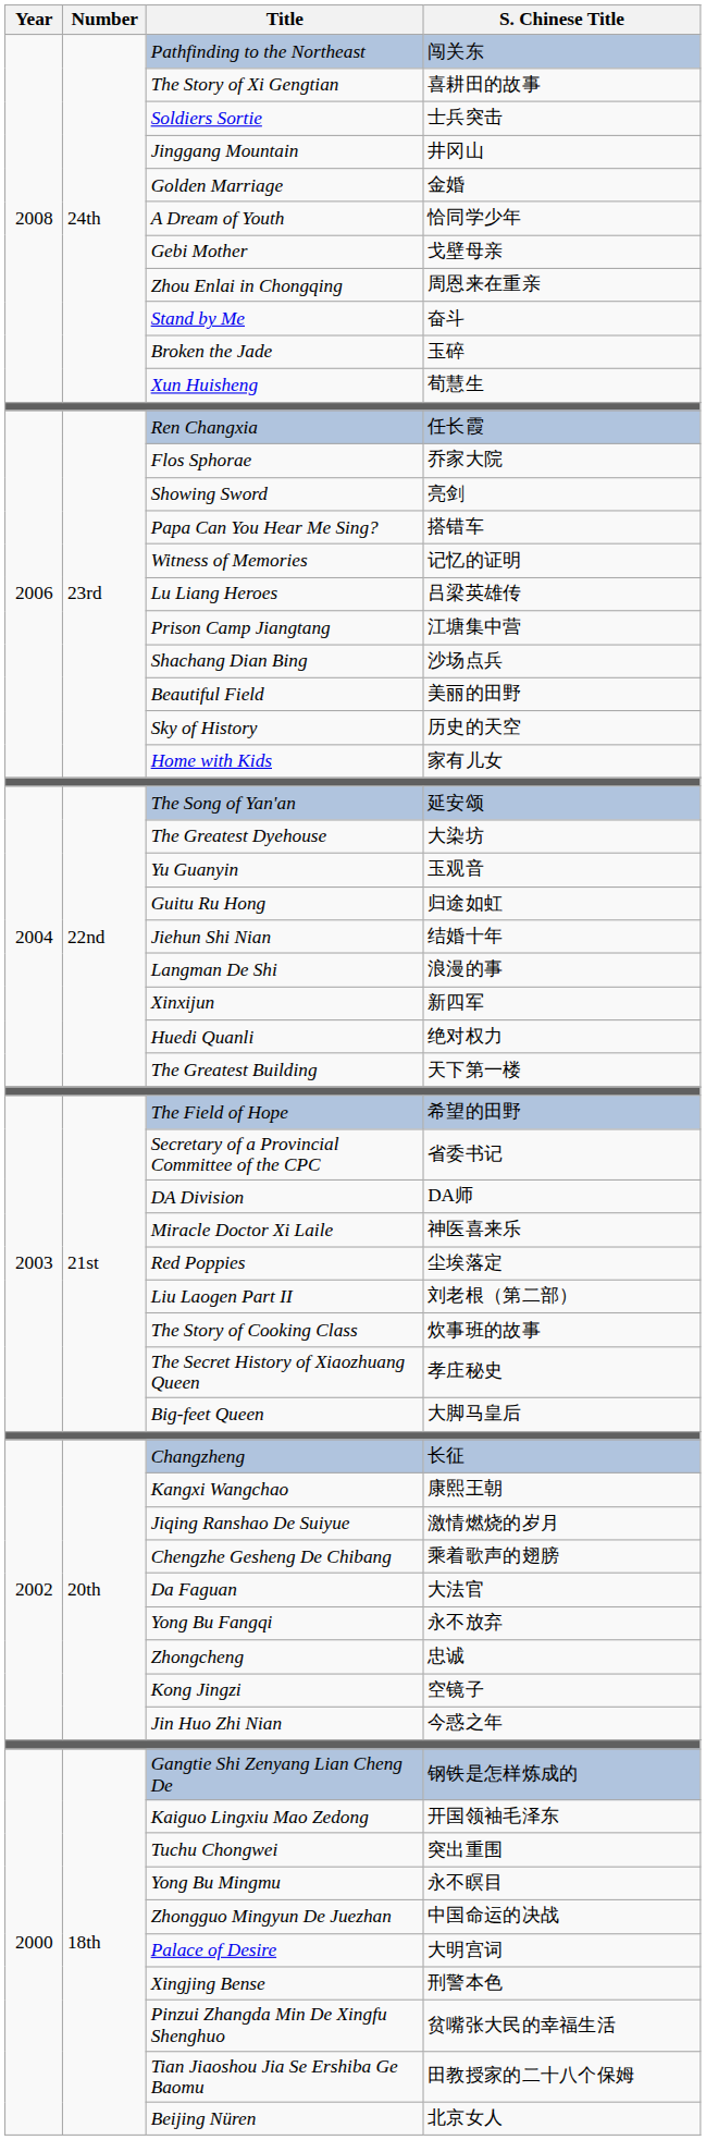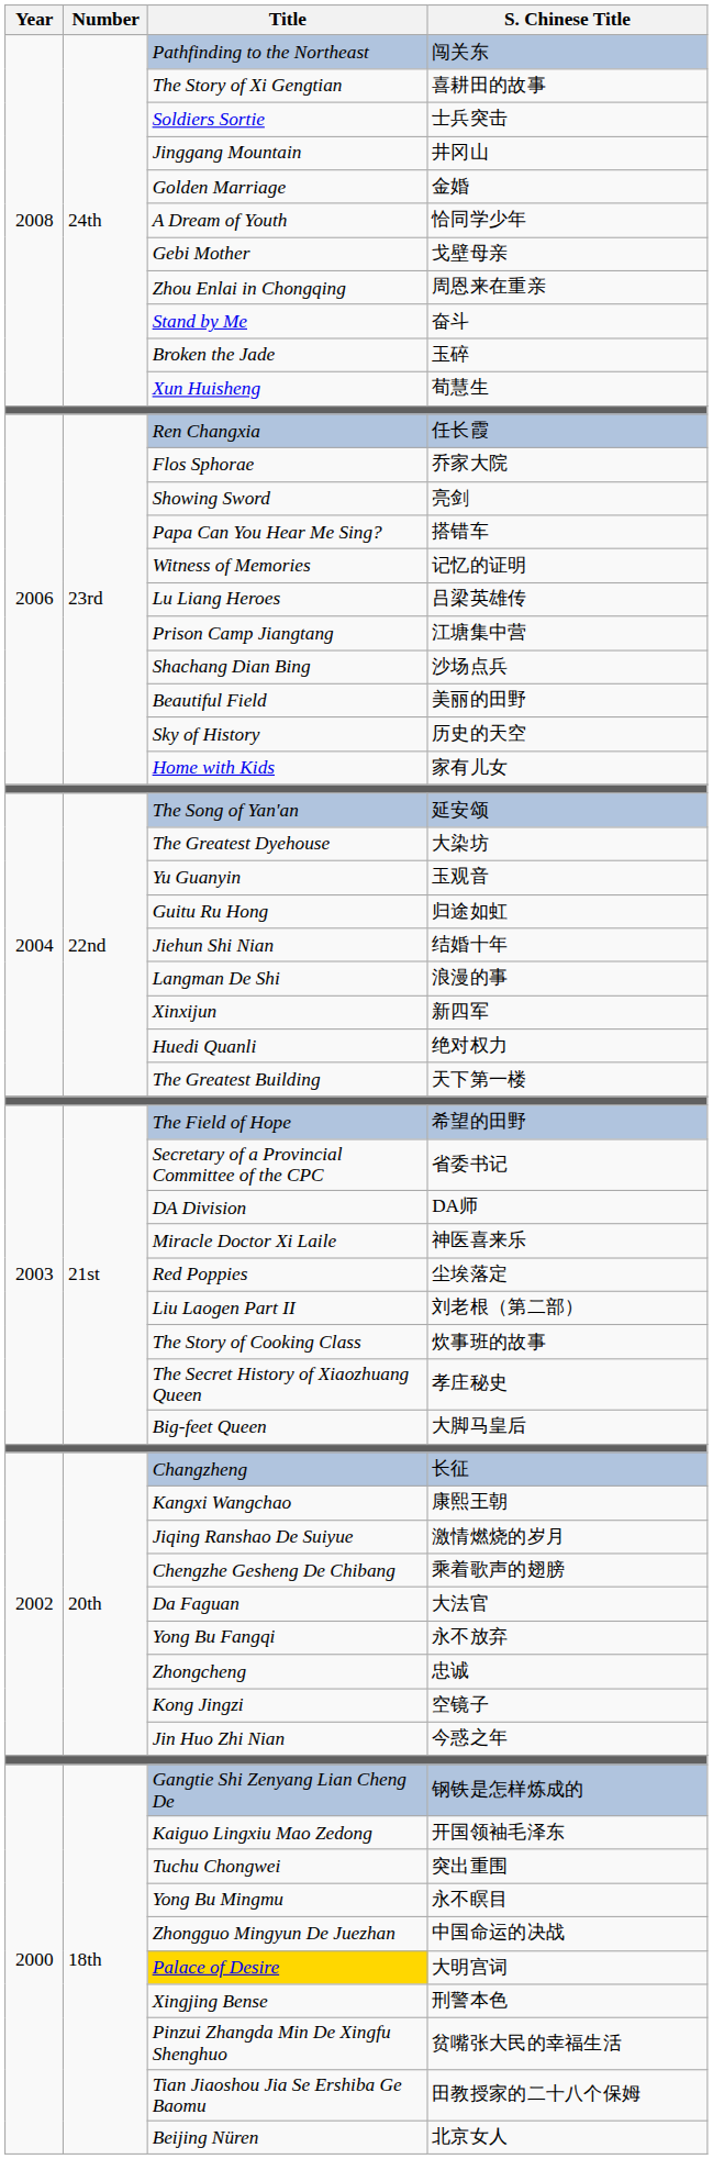 <table class="wikitable" width="95%" align="center">
 <tr>
 <th width="6%">Year</th>
 <th width="4%">Number</th>
 <th width="31%">Title</th>
 <th width="31%">S. Chinese Title</th>
 </tr>
 <tr>
 <td rowspan="11" style="text-align:center;">2008</td>
 <td rowspan="11">24th</td>
 <td style="background:#B0C4DE;"><em>Pathfinding to the Northeast</em></td>
 <td style="background:#B0C4DE;">闯关东</td>
 </tr>
 <tr>
 <td><em>The Story of Xi Gengtian</em></td>
 <td>喜耕田的故事</td>
 </tr>
 <tr>
 <td><em><a href='#'>Soldiers Sortie</a></em></td>
 <td>士兵突击</td>
 </tr>
 <tr>
 <td><em>Jinggang Mountain</em></td>
 <td>井冈山</td>
 </tr>
 <tr>
 <td><em>Golden Marriage</em></td>
 <td>金婚</td>
 </tr>
 <tr>
 <td><em>A Dream of Youth</em></td>
 <td>恰同学少年</td>
 </tr>
 <tr>
 <td><em>Gebi Mother</em></td>
 <td>戈壁母亲</td>
 </tr>
 <tr>
 <td><em>Zhou Enlai in Chongqing</em></td>
 <td>周恩来在重亲</td>
 </tr>
 <tr>
 <td><em><a href='#'>Stand by Me</a></em></td>
 <td>奋斗</td>
 </tr>
 <tr>
 <td><em>Broken the Jade</em></td>
 <td>玉碎</td>
 </tr>
 <tr>
 <td><em><a href='#'>Xun Huisheng</a></em></td>
 <td>荀慧生</td>
 </tr>
 <tr>
 </tr>
 <tr style = "background:#606060; height: 2pt">
 <td colspan = "4"></td>
 </tr>
 <tr>
 <td rowspan="11" style="text-align:center;">2006</td>
 <td rowspan="11">23rd</td>
 <td style="background:#B0C4DE;"><em>Ren Changxia</em></td>
 <td style="background:#B0C4DE;">任长霞</td>
 </tr>
 <tr>
 <td><em>Flos Sphorae</em></td>
 <td>乔家大院</td>
 </tr>
 <tr>
 <td><em>Showing Sword</em></td>
 <td>亮剑</td>
 </tr>
 <tr>
 <td><em>Papa Can You Hear Me Sing?</em></td>
 <td>搭错车</td>
 </tr>
 <tr>
 <td><em>Witness of Memories</em></td>
 <td>记忆的证明</td>
 </tr>
 <tr>
 <td><em>Lu Liang Heroes</em></td>
 <td>吕梁英雄传</td>
 </tr>
 <tr>
 <td><em>Prison Camp Jiangtang</em></td>
 <td>江塘集中营</td>
 </tr>
 <tr>
 <td><em>Shachang Dian Bing</em></td>
 <td>沙场点兵</td>
 </tr>
 <tr>
 <td><em>Beautiful Field</em></td>
 <td>美丽的田野</td>
 </tr>
 <tr>
 <td><em>Sky of History</em></td>
 <td>历史的天空</td>
 </tr>
 <tr>
 <td><em><a href='#'>Home with Kids</a></em></td>
 <td>家有儿女</td>
 </tr>
 <tr>
 </tr>
 <tr style = "background:#606060; height: 2pt">
 <td colspan = "4"></td>
 </tr>
 <tr>
 <td rowspan="9" style="text-align:center;">2004</td>
 <td rowspan="9">22nd</td>
 <td style="background:#B0C4DE;"><em>The Song of Yan'an</em></td>
 <td style="background:#B0C4DE;">延安颂</td>
 </tr>
 <tr>
 <td><em>The Greatest Dyehouse</em></td>
 <td>大染坊</td>
 </tr>
 <tr>
 <td><em>Yu Guanyin</em></td>
 <td>玉观音</td>
 </tr>
 <tr>
 <td><em>Guitu Ru Hong</em></td>
 <td>归途如虹</td>
 </tr>
 <tr>
 <td><em>Jiehun Shi Nian</em></td>
 <td>结婚十年</td>
 </tr>
 <tr>
 <td><em>Langman De Shi</em></td>
 <td>浪漫的事</td>
 </tr>
 <tr>
 <td><em>Xinxijun</em></td>
 <td>新四军</td>
 </tr>
 <tr>
 <td><em>Huedi Quanli</em></td>
 <td>绝对权力</td>
 </tr>
 <tr>
 <td><em>The Greatest Building</em></td>
 <td>天下第一楼</td>
 </tr>
 <tr>
 </tr>
 <tr style = "background:#606060; height: 2pt">
 <td colspan = "4"></td>
 </tr>
 <tr>
 <td rowspan="9" style="text-align:center;">2003</td>
 <td rowspan="9">21st</td>
 <td style="background:#B0C4DE;"><em>The Field of Hope</em></td>
 <td style="background:#B0C4DE;">希望的田野</td>
 </tr>
 <tr>
 <td><em>Secretary of a Provincial Committee of the CPC</em></td>
 <td>省委书记</td>
 </tr>
 <tr>
 <td><em>DA Division</em></td>
 <td>DA师</td>
 </tr>
 <tr>
 <td><em>Miracle Doctor Xi Laile</em></td>
 <td>神医喜来乐</td>
 </tr>
 <tr>
 <td><em>Red Poppies</em></td>
 <td>尘埃落定</td>
 </tr>
 <tr>
 <td><em>Liu Laogen Part II</em></td>
 <td>刘老根（第二部）</td>
 </tr>
 <tr>
 <td><em>The Story of Cooking Class</em></td>
 <td>炊事班的故事</td>
 </tr>
 <tr>
 <td><em>The Secret History of Xiaozhuang Queen</em></td>
 <td>孝庄秘史</td>
 </tr>
 <tr>
 <td><em>Big-feet Queen</em></td>
 <td>大脚马皇后</td>
 </tr>
 <tr>
 </tr>
 <tr style = "background:#606060; height: 2pt">
 <td colspan = "4"></td>
 </tr>
 <tr>
 <td rowspan="9" style="text-align:center;">2002</td>
 <td rowspan="9">20th</td>
 <td style="background:#B0C4DE;"><em>Changzheng</em></td>
 <td style="background:#B0C4DE;">长征</td>
 </tr>
 <tr>
 <td><em>Kangxi Wangchao</em></td>
 <td>康熙王朝</td>
 </tr>
 <tr>
 <td><em>Jiqing Ranshao De Suiyue</em></td>
 <td>激情燃烧的岁月</td>
 </tr>
 <tr>
 <td><em>Chengzhe Gesheng De Chibang</em></td>
 <td>乘着歌声的翅膀</td>
 </tr>
 <tr>
 <td><em>Da Faguan</em></td>
 <td>大法官</td>
 </tr>
 <tr>
 <td><em>Yong Bu Fangqi</em></td>
 <td>永不放弃</td>
 </tr>
 <tr>
 <td><em>Zhongcheng</em></td>
 <td>忠诚</td>
 </tr>
 <tr>
 <td><em>Kong Jingzi</em></td>
 <td>空镜子</td>
 </tr>
 <tr>
 <td><em>Jin Huo Zhi Nian</em></td>
 <td>今惑之年</td>
 </tr>
 <tr>
 </tr>
 <tr style = "background:#606060; height: 2pt">
 <td colspan = "4"></td>
 </tr>
 <tr>
 <td rowspan="10" style="text-align:center;">2000</td>
 <td rowspan="10">18th</td>
 <td style="background:#B0C4DE;"><em>Gangtie Shi Zenyang Lian Cheng De</em></td>
 <td style="background:#B0C4DE;">钢铁是怎样炼成的</td>
 </tr>
 <tr>
 <td><em>Kaiguo Lingxiu Mao Zedong</em></td>
 <td>开国领袖毛泽东</td>
 </tr>
 <tr>
 <td><em>Tuchu Chongwei</em></td>
 <td>突出重围</td>
 </tr>
 <tr>
 <td><em>Yong Bu Mingmu</em></td>
 <td>永不瞑目</td>
 </tr>
 <tr>
 <td><em>Zhongguo Mingyun De Juezhan</em></td>
 <td>中国命运的决战</td>
 </tr>
 <tr>
-<td><em><a href='#'>Palace of Desire</a></em></td>
+<td style="background: gold;"><em><a href='#'>Palace of Desire</a></em></td>
 <td>大明宫词</td>
 </tr>
 <tr>
 <td><em>Xingjing Bense</em></td>
 <td>刑警本色</td>
 </tr>
 <tr>
 <td><em>Pinzui Zhangda Min De Xingfu Shenghuo</em></td>
 <td>贫嘴张大民的幸福生活</td>
 </tr>
 <tr>
 <td><em>Tian Jiaoshou Jia Se Ershiba Ge Baomu</em></td>
 <td>田教授家的二十八个保姆</td>
 </tr>
 <tr>
 <td><em>Beijing Nüren</em></td>
 <td>北京女人</td>
 </tr>
 </table>
